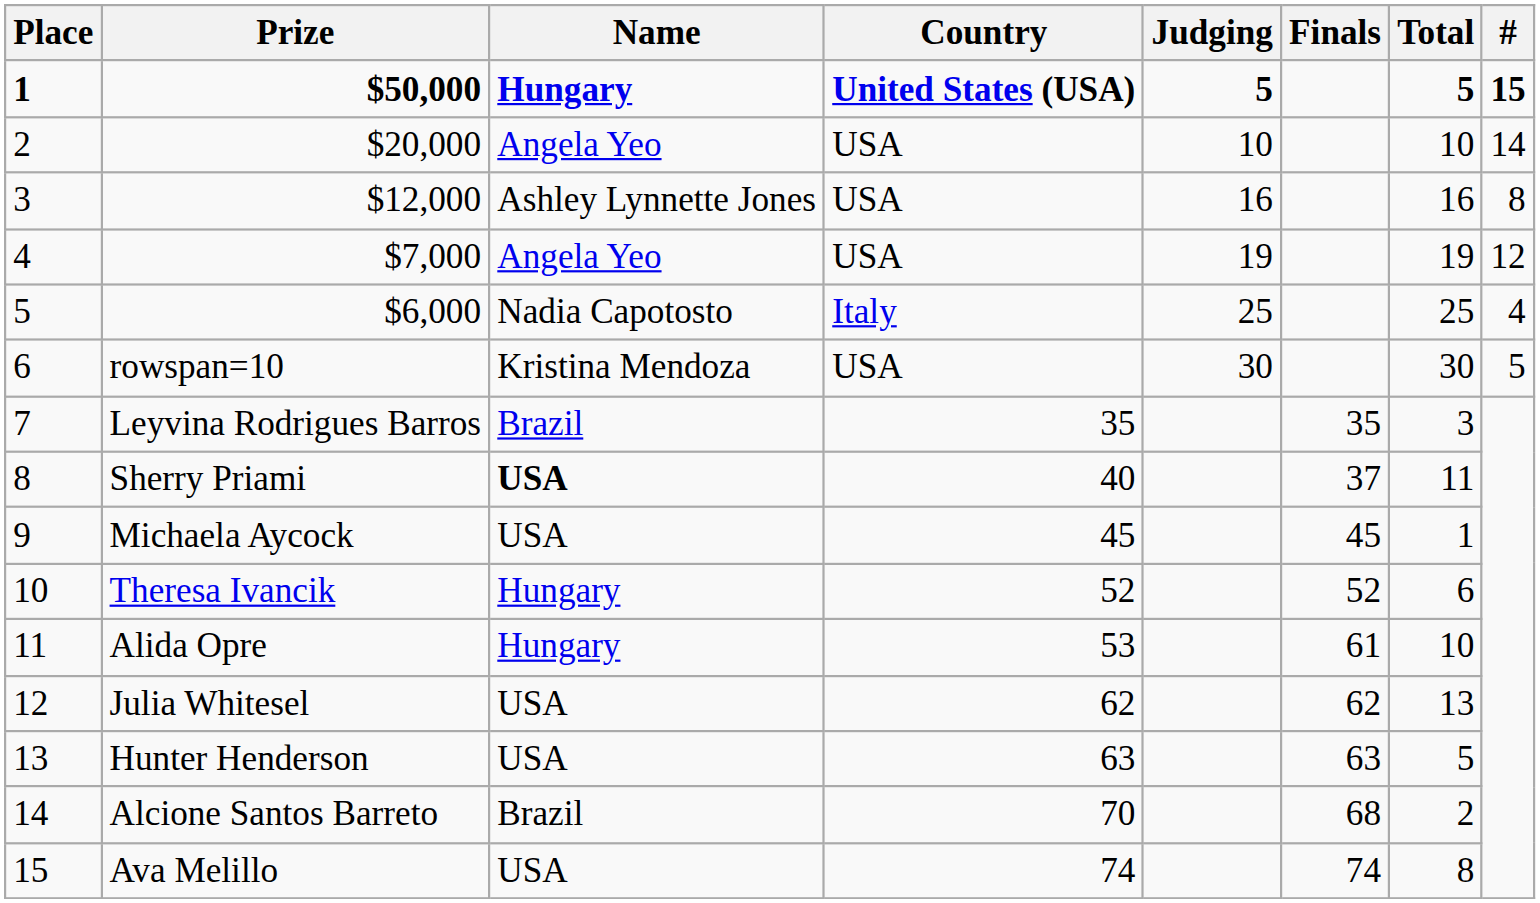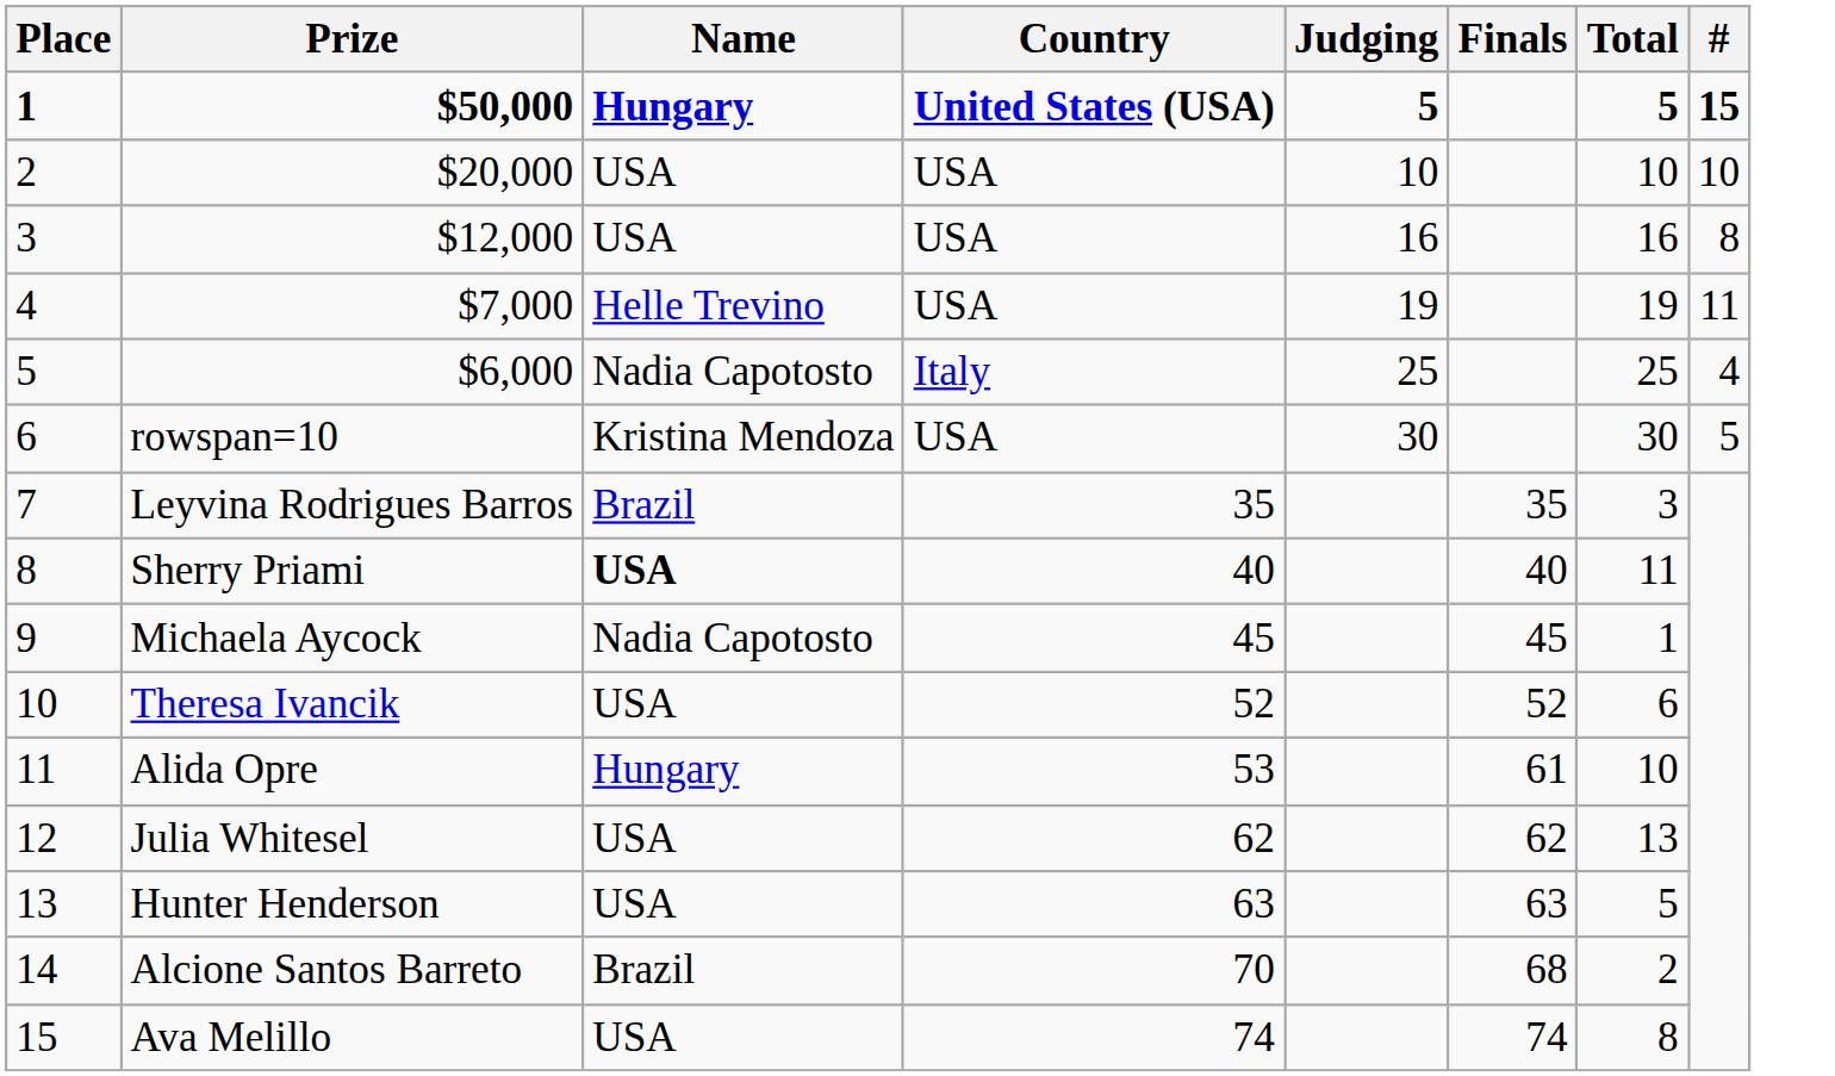 <table class="sortable wikitable plainrowheaders">
 <tr>
 <th>Place</th>
 <th>Prize</th>
 <th>Name</th>
 <th>Country</th>
 <th>Judging</th>
 <th>Finals</th>
 <th>Total</th>
 <th>#</th>
 </tr>
 <tr style="font-weight: bold;">
 <td>1</td>
 <td style="text-align:right">$50,000</td>
 <td> <a href='#'>Hungary</a></td>
 <td> <a href='#'>United States</a> (USA)</td>
 <td style="text-align:right">5</td>
 <td style="text-align:right"></td>
 <td style="text-align:right">5</td>
 <td style="text-align:right">15</td>
 </tr>
 <tr>
 <td>2</td>
 <td style="text-align:right">$20,000</td>
-<td><a href='#'>Angela Yeo</a></td>
+<td> USA</td>
 <td> USA</td>
 <td style="text-align:right">10</td>
 <td style="text-align:right"></td>
 <td style="text-align:right">10</td>
-<td style="text-align:right">14</td>
+<td style="text-align:right">10</td>
 </tr>
 <tr>
 <td>3</td>
 <td style="text-align:right">$12,000</td>
-<td>Ashley Lynnette Jones</td>
+<td> USA</td>
 <td> USA</td>
 <td style="text-align:right">16</td>
 <td style="text-align:right"></td>
 <td style="text-align:right">16</td>
 <td style="text-align:right">8</td>
 </tr>
 <tr>
 <td>4</td>
 <td style="text-align:right">$7,000</td>
-<td><a href='#'>Angela Yeo</a></td>
+<td><a href='#'>Helle Trevino</a></td>
 <td> USA</td>
 <td style="text-align:right">19</td>
 <td style="text-align:right"></td>
 <td style="text-align:right">19</td>
-<td style="text-align:right">12</td>
+<td style="text-align:right">11</td>
 </tr>
 <tr>
 <td>5</td>
 <td style="text-align:right">$6,000</td>
 <td>Nadia Capotosto</td>
 <td> <a href='#'>Italy</a></td>
 <td style="text-align:right">25</td>
 <td style="text-align:right"></td>
 <td style="text-align:right">25</td>
 <td style="text-align:right">4</td>
 </tr>
 <tr>
 <td>6</td>
 <td>rowspan=10 </td>
 <td>Kristina Mendoza</td>
 <td> USA</td>
 <td style="text-align:right">30</td>
 <td style="text-align:right"></td>
 <td style="text-align:right">30</td>
 <td style="text-align:right">5</td>
 </tr>
 <tr>
 <td>7</td>
 <td>Leyvina Rodrigues Barros</td>
 <td> <a href='#'>Brazil</a></td>
 <td style="text-align:right">35</td>
 <td style="text-align:right"></td>
 <td style="text-align:right">35</td>
 <td style="text-align:right">3</td>
 </tr>
 <tr>
 <td>8</td>
 <td>Sherry Priami</td>
 <td><strong> USA</strong></td>
 <td style="text-align:right">40</td>
 <td style="text-align:right"></td>
-<td style="text-align:right">37</td>
+<td style="text-align:right">40</td>
 <td style="text-align:right">11</td>
 </tr>
 <tr>
 <td>9</td>
 <td>Michaela Aycock</td>
-<td> USA</td>
+<td>Nadia Capotosto</td>
 <td style="text-align:right">45</td>
 <td style="text-align:right"></td>
 <td style="text-align:right">45</td>
 <td style="text-align:right">1</td>
 </tr>
 <tr>
 <td>10</td>
 <td><a href='#'>Theresa Ivancik</a></td>
-<td> <a href='#'>Hungary</a></td>
+<td> USA</td>
 <td style="text-align:right">52</td>
 <td style="text-align:right"></td>
 <td style="text-align:right">52</td>
 <td style="text-align:right">6</td>
 </tr>
 <tr>
 <td>11</td>
 <td>Alida Opre</td>
 <td> <a href='#'>Hungary</a></td>
 <td style="text-align:right">53</td>
 <td style="text-align:right"></td>
 <td style="text-align:right">61</td>
 <td style="text-align:right">10</td>
 </tr>
 <tr>
 <td>12</td>
 <td>Julia Whitesel</td>
 <td> USA</td>
 <td style="text-align:right">62</td>
 <td style="text-align:right"></td>
 <td style="text-align:right">62</td>
 <td style="text-align:right">13</td>
 </tr>
 <tr>
 <td>13</td>
 <td>Hunter Henderson</td>
 <td> USA</td>
 <td style="text-align:right">63</td>
 <td style="text-align:right"></td>
 <td style="text-align:right">63</td>
 <td style="text-align:right">5</td>
 </tr>
 <tr>
 <td>14</td>
 <td>Alcione Santos Barreto</td>
 <td> Brazil</td>
 <td style="text-align:right">70</td>
 <td style="text-align:right"></td>
 <td style="text-align:right">68</td>
 <td style="text-align:right">2</td>
 </tr>
 <tr>
 <td>15</td>
 <td>Ava Melillo</td>
 <td> USA</td>
 <td style="text-align:right">74</td>
 <td style="text-align:right"></td>
 <td style="text-align:right">74</td>
 <td style="text-align:right">8</td>
 </tr>
 </table>
